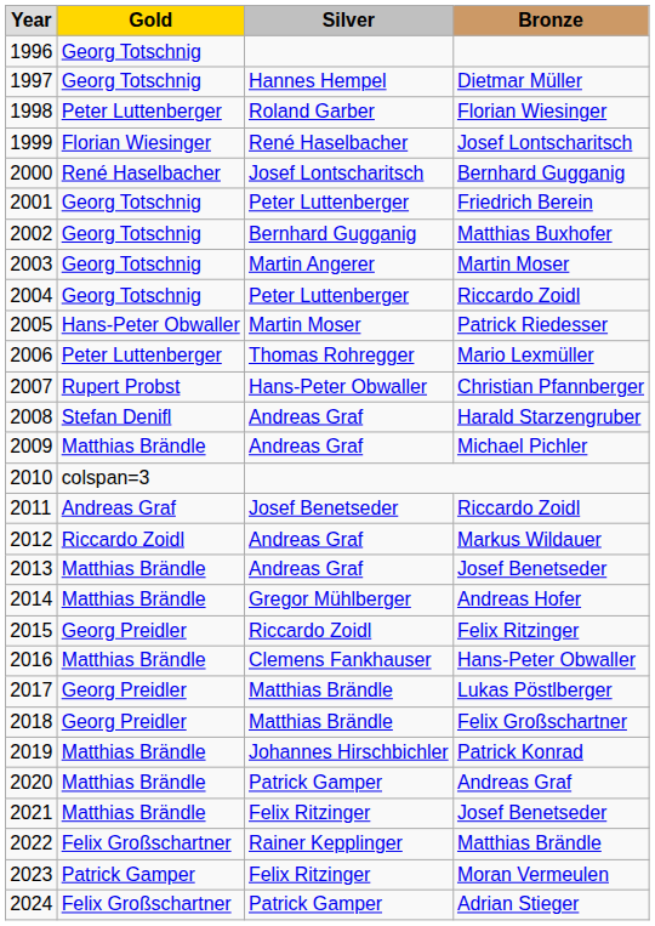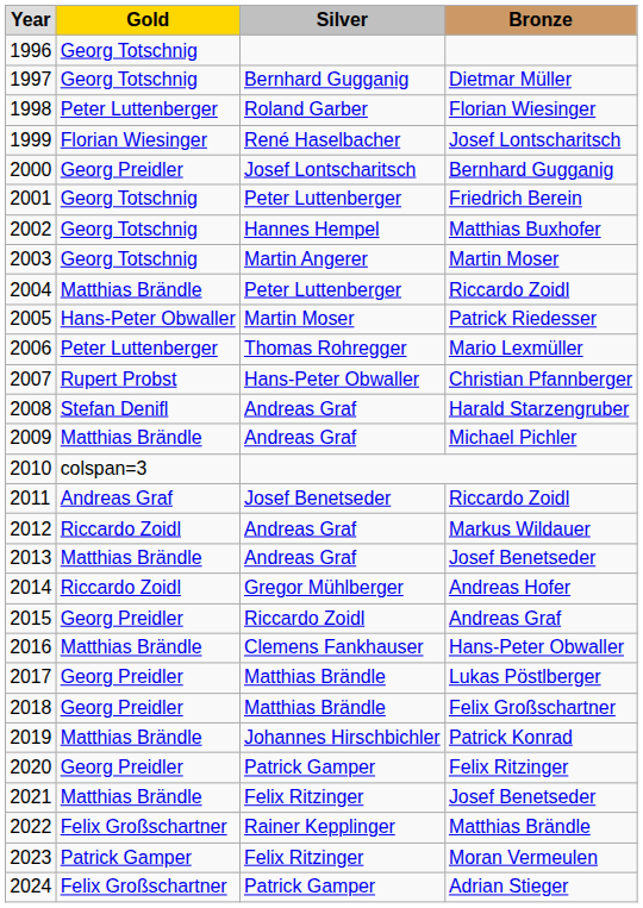 <table class="wikitable" style="text-align:left;">
 <tr style="text-align:center; font-weight:bold;">
 <td style="background:#ddd; ">Year</td>
 <td style="background:gold; ">Gold</td>
 <td style="background:silver; ">Silver</td>
 <td style="background:#c96; ">Bronze</td>
 </tr>
 <tr>
 <td>1996</td>
 <td><a href='#'>Georg Totschnig</a></td>
 <td></td>
 <td></td>
 </tr>
 <tr>
 <td>1997</td>
 <td><a href='#'>Georg Totschnig</a></td>
-<td><a href='#'>Hannes Hempel</a></td>
+<td><a href='#'>Bernhard Gugganig</a></td>
 <td><a href='#'>Dietmar Müller</a></td>
 </tr>
 <tr>
 <td>1998</td>
 <td><a href='#'>Peter Luttenberger</a></td>
 <td><a href='#'>Roland Garber</a></td>
 <td><a href='#'>Florian Wiesinger</a></td>
 </tr>
 <tr>
 <td>1999</td>
 <td><a href='#'>Florian Wiesinger</a></td>
 <td><a href='#'>René Haselbacher</a></td>
 <td><a href='#'>Josef Lontscharitsch</a></td>
 </tr>
 <tr>
 <td>2000</td>
-<td><a href='#'>René Haselbacher</a></td>
+<td><a href='#'>Georg Preidler</a></td>
 <td><a href='#'>Josef Lontscharitsch</a></td>
 <td><a href='#'>Bernhard Gugganig</a></td>
 </tr>
 <tr>
 <td>2001</td>
 <td><a href='#'>Georg Totschnig</a></td>
 <td><a href='#'>Peter Luttenberger</a></td>
 <td><a href='#'>Friedrich Berein</a></td>
 </tr>
 <tr>
 <td>2002</td>
 <td><a href='#'>Georg Totschnig</a></td>
-<td><a href='#'>Bernhard Gugganig</a></td>
+<td><a href='#'>Hannes Hempel</a></td>
 <td><a href='#'>Matthias Buxhofer</a></td>
 </tr>
 <tr>
 <td>2003</td>
 <td><a href='#'>Georg Totschnig</a></td>
 <td><a href='#'>Martin Angerer</a></td>
 <td><a href='#'>Martin Moser</a></td>
 </tr>
 <tr>
 <td>2004</td>
-<td><a href='#'>Georg Totschnig</a></td>
+<td><a href='#'>Matthias Brändle</a></td>
 <td><a href='#'>Peter Luttenberger</a></td>
 <td><a href='#'>Riccardo Zoidl</a></td>
 </tr>
 <tr>
 <td>2005</td>
 <td><a href='#'>Hans-Peter Obwaller</a></td>
 <td><a href='#'>Martin Moser</a></td>
 <td><a href='#'>Patrick Riedesser</a></td>
 </tr>
 <tr>
 <td>2006</td>
 <td><a href='#'>Peter Luttenberger</a></td>
 <td><a href='#'>Thomas Rohregger</a></td>
 <td><a href='#'>Mario Lexmüller</a></td>
 </tr>
 <tr>
 <td>2007</td>
 <td><a href='#'>Rupert Probst</a></td>
 <td><a href='#'>Hans-Peter Obwaller</a></td>
 <td><a href='#'>Christian Pfannberger</a></td>
 </tr>
 <tr>
 <td>2008</td>
 <td><a href='#'>Stefan Denifl</a></td>
 <td><a href='#'>Andreas Graf</a></td>
 <td><a href='#'>Harald Starzengruber</a></td>
 </tr>
 <tr>
 <td>2009</td>
 <td><a href='#'>Matthias Brändle</a></td>
 <td><a href='#'>Andreas Graf</a></td>
 <td><a href='#'>Michael Pichler</a></td>
 </tr>
 <tr>
 <td>2010</td>
 <td>colspan=3 </td>
 </tr>
 <tr>
 <td>2011</td>
 <td><a href='#'>Andreas Graf</a></td>
 <td><a href='#'>Josef Benetseder</a></td>
 <td><a href='#'>Riccardo Zoidl</a></td>
 </tr>
 <tr>
 <td>2012</td>
 <td><a href='#'>Riccardo Zoidl</a></td>
 <td><a href='#'>Andreas Graf</a></td>
 <td><a href='#'>Markus Wildauer</a></td>
 </tr>
 <tr>
 <td>2013</td>
 <td><a href='#'>Matthias Brändle</a></td>
 <td><a href='#'>Andreas Graf</a></td>
 <td><a href='#'>Josef Benetseder</a></td>
 </tr>
 <tr>
 <td>2014</td>
-<td><a href='#'>Matthias Brändle</a></td>
+<td><a href='#'>Riccardo Zoidl</a></td>
 <td><a href='#'>Gregor Mühlberger</a></td>
 <td><a href='#'>Andreas Hofer</a></td>
 </tr>
 <tr>
 <td>2015</td>
 <td><a href='#'>Georg Preidler</a></td>
 <td><a href='#'>Riccardo Zoidl</a></td>
-<td><a href='#'>Felix Ritzinger</a></td>
+<td><a href='#'>Andreas Graf</a></td>
 </tr>
 <tr>
 <td>2016</td>
 <td><a href='#'>Matthias Brändle</a></td>
 <td><a href='#'>Clemens Fankhauser</a></td>
 <td><a href='#'>Hans-Peter Obwaller</a></td>
 </tr>
 <tr>
 <td>2017</td>
 <td><a href='#'>Georg Preidler</a></td>
 <td><a href='#'>Matthias Brändle</a></td>
 <td><a href='#'>Lukas Pöstlberger</a></td>
 </tr>
 <tr>
 <td>2018</td>
 <td><a href='#'>Georg Preidler</a></td>
 <td><a href='#'>Matthias Brändle</a></td>
 <td><a href='#'>Felix Großschartner</a></td>
 </tr>
 <tr>
 <td>2019</td>
 <td><a href='#'>Matthias Brändle</a></td>
 <td><a href='#'>Johannes Hirschbichler</a></td>
 <td><a href='#'>Patrick Konrad</a></td>
 </tr>
 <tr>
 <td>2020</td>
-<td><a href='#'>Matthias Brändle</a></td>
+<td><a href='#'>Georg Preidler</a></td>
 <td><a href='#'>Patrick Gamper</a></td>
-<td><a href='#'>Andreas Graf</a></td>
+<td><a href='#'>Felix Ritzinger</a></td>
 </tr>
 <tr>
 <td>2021</td>
 <td><a href='#'>Matthias Brändle</a></td>
 <td><a href='#'>Felix Ritzinger</a></td>
 <td><a href='#'>Josef Benetseder</a></td>
 </tr>
 <tr>
 <td>2022</td>
 <td><a href='#'>Felix Großschartner</a></td>
 <td><a href='#'>Rainer Kepplinger</a></td>
 <td><a href='#'>Matthias Brändle</a></td>
 </tr>
 <tr>
 <td>2023</td>
 <td><a href='#'>Patrick Gamper</a></td>
 <td><a href='#'>Felix Ritzinger</a></td>
 <td><a href='#'>Moran Vermeulen</a></td>
 </tr>
 <tr>
 <td>2024</td>
 <td><a href='#'>Felix Großschartner</a></td>
 <td><a href='#'>Patrick Gamper</a></td>
 <td><a href='#'>Adrian Stieger</a></td>
 </tr>
 </table>
